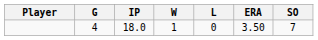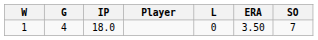 <table class="wikitable sortable">
 <tr>
-<th bgcolor="#DDDDFF" width="16%">Player</th>
+<th bgcolor="#DDDDFF" width="9%">W</th>
 <th bgcolor="#DDDDFF" width="9%">G</th>
 <th bgcolor="#DDDDFF" width="9%">IP</th>
-<th bgcolor="#DDDDFF" width="9%">W</th>
+<th bgcolor="#DDDDFF" width="16%">Player</th>
 <th bgcolor="#DDDDFF" width="9%">L</th>
 <th bgcolor="#DDDDFF" width="9%">ERA</th>
 <th bgcolor="#DDDDFF" width="9%">SO</th>
 </tr>
 <tr align="center">
-<td></td>
+<td>1</td>
 <td>4</td>
 <td>18.0</td>
-<td>1</td>
+<td></td>
 <td>0</td>
 <td>3.50</td>
 <td>7</td>
 </tr>
 </table>
